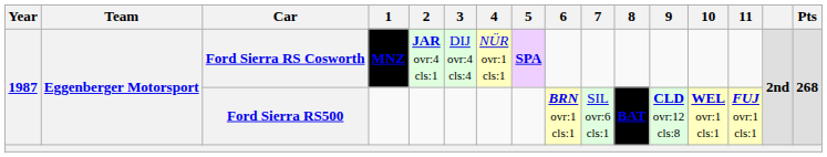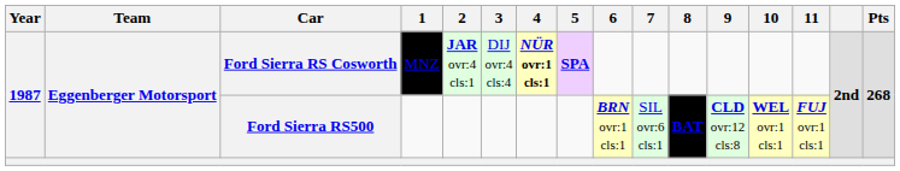 <table class="wikitable" style="text-align:center; font-size:90%">
 <tr>
 <th>Year</th>
 <th>Team</th>
 <th>Car</th>
 <th>1</th>
 <th>2</th>
 <th>3</th>
 <th>4</th>
 <th>5</th>
 <th>6</th>
 <th>7</th>
 <th>8</th>
 <th>9</th>
 <th>10</th>
 <th>11</th>
 <th></th>
 <th>Pts</th>
 </tr>
 <tr>
 <th rowspan=2><a href='#'>1987</a></th>
 <th rowspan=2> <a href='#'>Eggenberger Motorsport</a></th>
 <th><a href='#'>Ford Sierra RS Cosworth</a></th>
-<td style="background:#000000; color:white"><strong><a href='#'><span>MNZ</span></a><br></strong></td>
+<td style="background:#000000; color:white"><a href='#'><span>MNZ</span></a><br></td>
 <td style="background:#dfffdf;"><strong><a href='#'>JAR</a></strong><br><small>ovr:4<br>cls:1</small></td>
 <td style="background:#dfffdf;"><a href='#'>DIJ</a><br><small>ovr:4<br>cls:4</small></td>
-<td style="background:#ffffbf;"><em><a href='#'>NÜR</a></em><br><small>ovr:1<br>cls:1</small></td>
+<td style="background:#ffffbf;"><strong><em><a href='#'>NÜR</a></em><br><small>ovr:1<br>cls:1</small></strong></td>
 <td style="background:#efcfff;"><strong><a href='#'>SPA</a></strong><br></td>
 <td></td>
 <td></td>
 <td></td>
 <td></td>
 <td></td>
 <td></td>
 <th rowspan="2" style="background:#dfdfdf;">2nd</th>
 <th rowspan="2" style="background:#dfdfdf;">268</th>
 </tr>
 <tr>
 <th><a href='#'>Ford Sierra RS500</a></th>
 <td></td>
 <td></td>
 <td></td>
 <td></td>
 <td></td>
 <td style="background:#ffffbf;"><strong><em><a href='#'>BRN</a></em></strong><br><small>ovr:1<br>cls:1</small></td>
 <td style="background:#dfffdf;"><a href='#'>SIL</a><br><small>ovr:6<br>cls:1</small></td>
 <td style="background:#000000; color:white"><strong><a href='#'><span>BAT</span></a></strong><br></td>
 <td style="background:#dfffdf;"><strong><a href='#'>CLD</a></strong><br><small>ovr:12<br>cls:8</small></td>
 <td style="background:#ffffbf;"><strong><a href='#'>WEL</a></strong><br><small>ovr:1<br>cls:1</small></td>
 <td style="background:#ffffbf;"><strong><em><a href='#'>FUJ</a></em></strong><br><small>ovr:1<br>cls:1</small></td>
 </tr>
 <tr>
 <th colspan="16"></th>
 </tr>
 </table>
